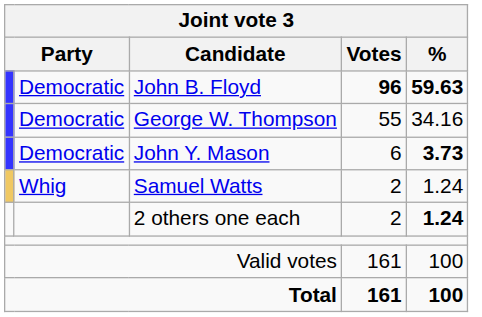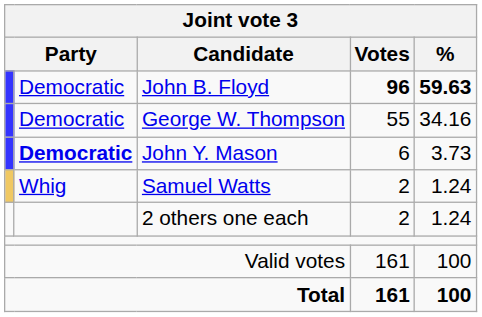 <table class=wikitable style=text-align:right>
 <tr>
 <th colspan="5">Joint vote 3</th>
 </tr>
 <tr>
 <th colspan=2>Party</th>
 <th>Candidate</th>
 <th>Votes</th>
 <th>%</th>
 </tr>
 <tr>
 <td bgcolor=#3333FF></td>
 <td align=left><a href='#'>Democratic</a></td>
 <td align=left><a href='#'>John B. Floyd</a></td>
 <td><strong>96</strong></td>
 <td><strong>59.63</strong></td>
 </tr>
 <tr>
 <td bgcolor=#3333FF></td>
 <td align=left><a href='#'>Democratic</a></td>
 <td align=left><a href='#'>George W. Thompson</a></td>
 <td>55</td>
 <td>34.16</td>
 </tr>
 <tr>
 <td bgcolor=#3333FF></td>
-<td align=left><a href='#'>Democratic</a></td>
+<td align=left><strong><a href='#'>Democratic</a></strong></td>
 <td align=left><a href='#'>John Y. Mason</a></td>
 <td>6</td>
-<td><strong>3.73</strong></td>
+<td>3.73</td>
 </tr>
 <tr>
 <td bgcolor=#F0C862></td>
 <td align=left><a href='#'>Whig</a></td>
 <td align=left><a href='#'>Samuel Watts</a></td>
 <td>2</td>
 <td>1.24</td>
 </tr>
 <tr>
 <td bgcolor=></td>
 <td></td>
 <td align=left>2 others one each</td>
 <td>2</td>
-<td><strong>1.24</strong></td>
+<td>1.24</td>
 </tr>
 <tr>
 <td colspan=12></td>
 </tr>
 <tr>
 <td colspan=3>Valid votes</td>
 <td>161</td>
 <td>100</td>
 </tr>
 <tr>
 <td colspan=3><strong>Total</strong></td>
 <td><strong>161</strong></td>
 <td><strong>100</strong></td>
 </tr>
 </table>
